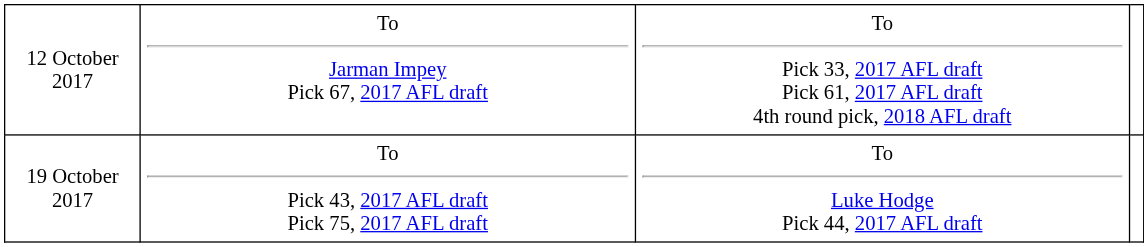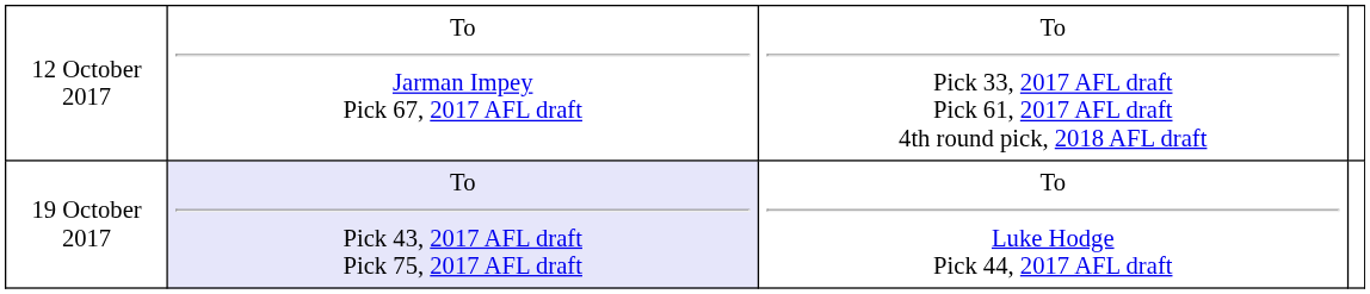 <table border=1 style="border-collapse:collapse; text-align: center; width: 100%" bordercolor="#000000"  cellpadding="5">
 <tr>
 <td style="width:12%">12 October 2017</td>
 <td style="width:44%; vertical-align:top;">To <strong></strong><hr><a href='#'>Jarman Impey</a><br>Pick 67, <a href='#'>2017 AFL draft</a></td>
 <td style="width:44%; vertical-align:top;">To <strong></strong><hr>Pick 33, <a href='#'>2017 AFL draft</a><br>Pick 61, <a href='#'>2017 AFL draft</a><br>4th round pick, <a href='#'>2018 AFL draft</a></td>
 <td></td>
 </tr>
 <tr>
 <td style="width:12%">19 October 2017</td>
-<td style="width:44%; vertical-align:top;">To <strong></strong><hr>Pick 43, <a href='#'>2017 AFL draft</a><br>Pick 75, <a href='#'>2017 AFL draft</a></td>
+<td style="background: lavender; width:44%; vertical-align:top;">To <strong></strong><hr>Pick 43, <a href='#'>2017 AFL draft</a><br>Pick 75, <a href='#'>2017 AFL draft</a></td>
 <td style="width:44%; vertical-align:top;">To <strong></strong><hr><a href='#'>Luke Hodge</a><br>Pick 44, <a href='#'>2017 AFL draft</a></td>
 <td></td>
 </tr>
 </table>
